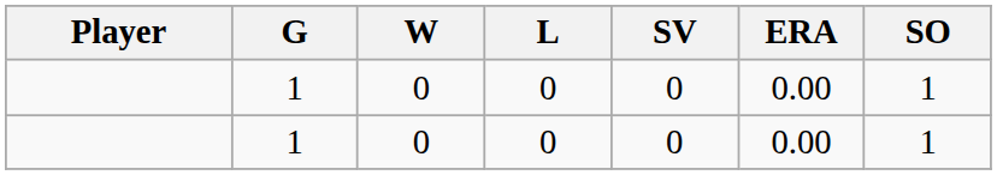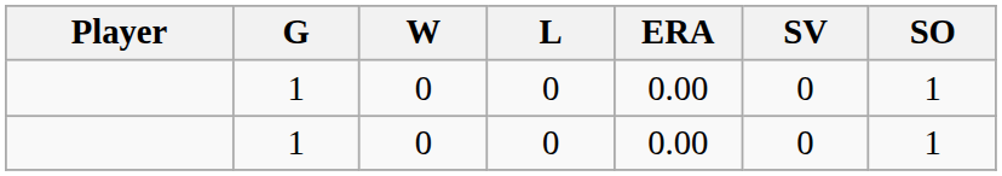 <table class="wikitable sortable">
 <tr>
 <th bgcolor="#DDDDFF" width="16%">Player</th>
 <th bgcolor="#DDDDFF" width="9%">G</th>
 <th bgcolor="#DDDDFF" width="9%">W</th>
 <th bgcolor="#DDDDFF" width="9%">L</th>
+<th bgcolor="#DDDDFF" width="9%">ERA</th>
 <th bgcolor="#DDDDFF" width="9%">SV</th>
-<th bgcolor="#DDDDFF" width="9%">ERA</th>
 <th bgcolor="#DDDDFF" width="9%">SO</th>
 </tr>
 <tr align="center">
 <td></td>
 <td>1</td>
 <td>0</td>
 <td>0</td>
+<td>0.00</td>
 <td>0</td>
-<td>0.00</td>
 <td>1</td>
 </tr>
 <tr align="center">
 <td></td>
 <td>1</td>
 <td>0</td>
 <td>0</td>
+<td>0.00</td>
 <td>0</td>
-<td>0.00</td>
 <td>1</td>
 </tr>
 </table>
